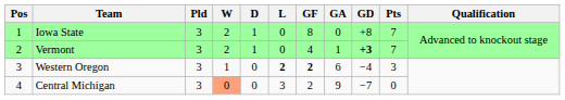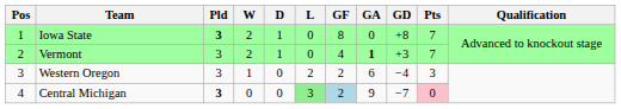 <table class="wikitable" style="text-align:center; margin: 1em auto">
 <tr>
 <th style=width:2em>Pos</th>
 <th style=width:13em>Team</th>
 <th style=width:2em>Pld</th>
 <th style=width:2em>W</th>
 <th style=width:2em>D</th>
 <th style=width:2em>L</th>
 <th style=width:2em>GF</th>
 <th style=width:2em>GA</th>
 <th style=width:2em>GD</th>
 <th style=width:2em>Pts</th>
 <th style=width:13em>Qualification</th>
 </tr>
 <tr bgcolor="#9eff9e">
 <td>1</td>
 <td style="text-align:left">Iowa State</td>
-<td>3</td>
+<td><strong>3</strong></td>
 <td>2</td>
 <td>1</td>
 <td>0</td>
 <td>8</td>
 <td>0</td>
 <td>+8</td>
 <td>7</td>
 <td rowspan="2">Advanced to knockout stage</td>
 </tr>
 <tr bgcolor="#9eff9e">
 <td>2</td>
 <td style="text-align:left">Vermont</td>
 <td>3</td>
 <td>2</td>
 <td>1</td>
 <td>0</td>
 <td>4</td>
-<td>1</td>
-<td><strong>+3</strong></td>
+<td><strong>1</strong></td>
+<td>+3</td>
 <td>7</td>
 </tr>
 <tr>
 <td>3</td>
 <td style="text-align:left">Western Oregon</td>
 <td>3</td>
 <td>1</td>
 <td>0</td>
-<td><strong>2</strong></td>
-<td><strong>2</strong></td>
+<td>2</td>
+<td>2</td>
 <td>6</td>
 <td>−4</td>
 <td>3</td>
 <td rowspan="2"></td>
 </tr>
 <tr>
 <td>4</td>
 <td style="text-align:left">Central Michigan</td>
-<td>3</td>
-<td style="background: lightsalmon;">0</td>
+<td><strong>3</strong></td>
 <td>0</td>
-<td>3</td>
-<td>2</td>
+<td>0</td>
+<td style="background: lightgreen;">3</td>
+<td style="background: lightblue;">2</td>
 <td>9</td>
 <td>−7</td>
-<td>0</td>
+<td style="background: pink;">0</td>
 </tr>
 </table>
